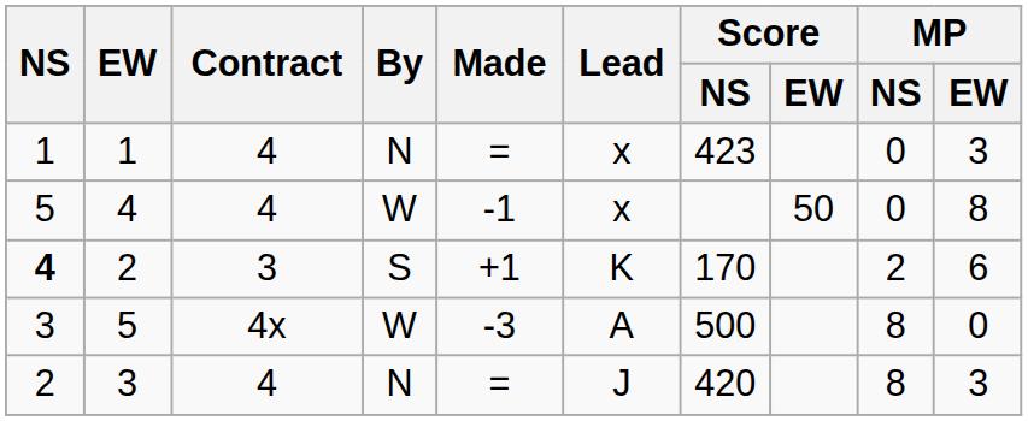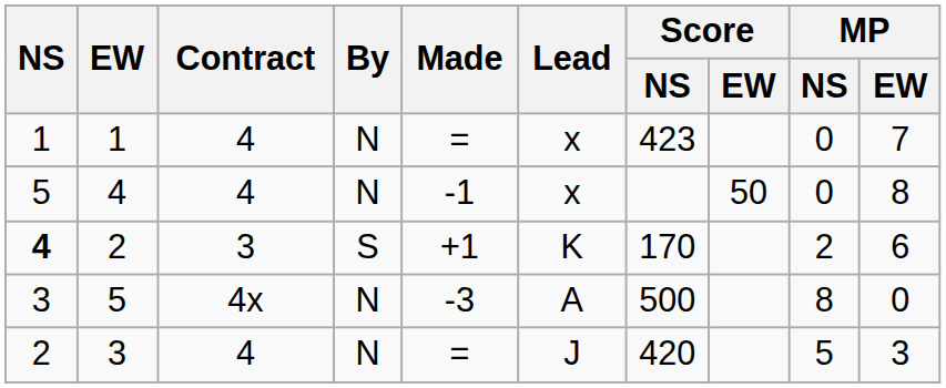 <table class="wikitable" width=35%>
 <tr>
 <th rowspan="2">NS</th>
 <th rowspan="2">EW</th>
 <th rowspan="2">Contract</th>
 <th rowspan="2">By</th>
 <th rowspan="2">Made</th>
 <th rowspan="2">Lead</th>
 <th colspan="2">Score</th>
 <th colspan="2">MP</th>
 </tr>
 <tr>
 <th>NS</th>
 <th>EW</th>
 <th>NS</th>
 <th>EW</th>
 </tr>
 <tr align=center>
 <td>1</td>
 <td>1</td>
 <td>4</td>
 <td>N</td>
 <td>=</td>
 <td>x</td>
 <td>423</td>
 <td></td>
 <td>0</td>
-<td>3</td>
+<td>7</td>
 </tr>
 <tr align=center>
 <td>5</td>
 <td>4</td>
 <td>4</td>
-<td>W</td>
+<td>N</td>
 <td>-1</td>
 <td>x</td>
 <td></td>
 <td>50</td>
 <td>0</td>
 <td>8</td>
 </tr>
 <tr align=center>
 <td><strong>4</strong></td>
 <td>2</td>
 <td>3</td>
 <td>S</td>
 <td>+1</td>
 <td>K</td>
 <td>170</td>
 <td></td>
 <td>2</td>
 <td>6</td>
 </tr>
 <tr align=center>
 <td>3</td>
 <td>5</td>
 <td>4x</td>
-<td>W</td>
+<td>N</td>
 <td>-3</td>
 <td>A</td>
 <td>500</td>
 <td></td>
 <td>8</td>
 <td>0</td>
 </tr>
 <tr align=center>
 <td>2</td>
 <td>3</td>
 <td>4</td>
 <td>N</td>
 <td>=</td>
 <td>J</td>
 <td>420</td>
 <td></td>
-<td>8</td>
+<td>5</td>
 <td>3</td>
 </tr>
 </table>
